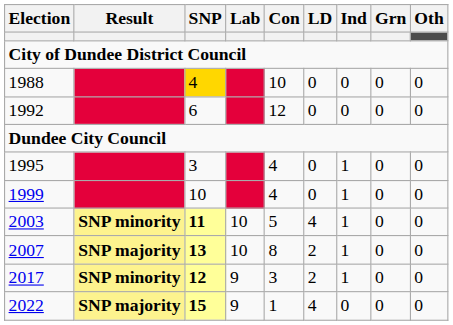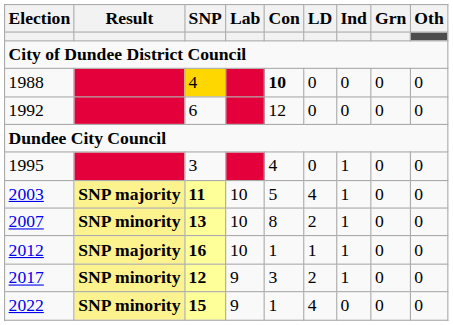 <table class="wikitable">
 <tr>
 <th>Election</th>
 <th>Result</th>
 <th>SNP</th>
 <th>Lab</th>
 <th>Con</th>
 <th>LD</th>
 <th>Ind</th>
 <th>Grn</th>
 <th>Oth</th>
 </tr>
 <tr>
 <th></th>
 <th></th>
 <th style="background:"></th>
 <th style="background:"></th>
 <th style="background:"></th>
 <th style="background:"></th>
 <th style="background:"></th>
 <th style="background:"></th>
 <th style="background: #4d4d4d"></th>
 </tr>
 <tr>
 <td colspan="9"><strong>City of Dundee District Council</strong></td>
 </tr>
 <tr>
 <td>1988</td>
 <td style="background:#E4003B"></td>
 <td style="background: gold;">4</td>
 <td style="background:#E4003B"></td>
-<td>10</td>
+<td><strong>10</strong></td>
 <td>0</td>
 <td>0</td>
 <td>0</td>
 <td>0</td>
 </tr>
 <tr>
 <td>1992</td>
 <td style="background:#E4003B"></td>
 <td>6</td>
 <td style="background:#E4003B"></td>
 <td>12</td>
 <td>0</td>
 <td>0</td>
 <td>0</td>
 <td>0</td>
 </tr>
 <tr>
 <td colspan="9"><strong>Dundee City Council</strong></td>
 </tr>
 <tr>
 <td>1995</td>
 <td style="background:#E4003B"></td>
 <td>3</td>
 <td style="background:#E4003B"></td>
 <td>4</td>
 <td>0</td>
 <td>1</td>
 <td>0</td>
 <td>0</td>
 </tr>
 <tr>
-<td><a href='#'>1999</a></td>
-<td style="background:#E4003B"></td>
-<td>10</td>
-<td style="background:#E4003B"></td>
-<td>4</td>
-<td>0</td>
-<td>1</td>
-<td>0</td>
-<td>0</td>
-</tr>
-<tr>
 <td><a href='#'>2003</a></td>
-<td style="background:#FDF38E"><strong>SNP minority</strong></td>
+<td style="background:#FDF38E"><strong>SNP majority</strong></td>
 <td style="background: #ffff99"><strong>11</strong></td>
 <td>10</td>
 <td>5</td>
 <td>4</td>
 <td>1</td>
 <td>0</td>
 <td>0</td>
 </tr>
 <tr>
 <td><a href='#'>2007</a></td>
-<td style="background:#FDF38E"><strong>SNP majority</strong></td>
+<td style="background:#FDF38E"><strong>SNP minority</strong></td>
 <td style="background: #ffff99"><strong>13</strong></td>
 <td>10</td>
 <td>8</td>
 <td>2</td>
+<td>1</td>
+<td>0</td>
+<td>0</td>
+</tr>
+<tr>
+<td><a href='#'>2012</a></td>
+<td style="background:#FDF38E"><strong>SNP majority</strong></td>
+<td style="background: #ffff99"><strong>16</strong></td>
+<td>10</td>
+<td>1</td>
+<td>1</td>
 <td>1</td>
 <td>0</td>
 <td>0</td>
 </tr>
 <tr>
 <td><a href='#'>2017</a></td>
 <td style="background:#FDF38E"><strong>SNP minority</strong></td>
 <td style="background: #ffff99"><strong>12</strong></td>
 <td>9</td>
 <td>3</td>
 <td>2</td>
 <td>1</td>
 <td>0</td>
 <td>0</td>
 </tr>
 <tr>
 <td><a href='#'>2022</a></td>
-<td style="background:#FDF38E"><strong>SNP majority</strong></td>
+<td style="background:#FDF38E"><strong>SNP minority</strong></td>
 <td style="background: #ffff99"><strong>15</strong></td>
 <td>9</td>
 <td>1</td>
 <td>4</td>
 <td>0</td>
 <td>0</td>
 <td>0</td>
 </tr>
 </table>
